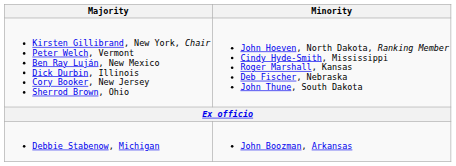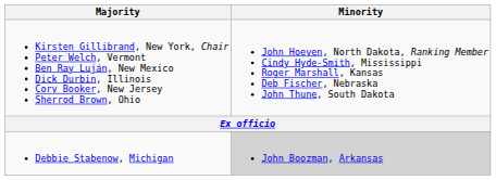 <table class=wikitable>
 <tr>
 <th>Majority</th>
 <th>Minority</th>
 </tr>
 <tr>
 <td><br><ul><li><a href='#'>Kirsten Gillibrand</a>, New York, <em>Chair</em></li><li><a href='#'>Peter Welch</a>, Vermont</li><li><a href='#'>Ben Ray Luján</a>, New Mexico</li><li><a href='#'>Dick Durbin</a>, Illinois</li><li><a href='#'>Cory Booker</a>, New Jersey</li><li><a href='#'>Sherrod Brown</a>, Ohio</li></ul></td>
 <td><br><ul><li><a href='#'>John Hoeven</a>, North Dakota, <em>Ranking Member</em></li><li><a href='#'>Cindy Hyde-Smith</a>, Mississippi</li><li><a href='#'>Roger Marshall</a>, Kansas</li><li><a href='#'>Deb Fischer</a>, Nebraska</li><li><a href='#'>John Thune</a>, South Dakota</li></ul></td>
 </tr>
 <tr>
 <th colspan=2><em><a href='#'>Ex officio</a></em></th>
 </tr>
 <tr>
 <td><br><ul><li><a href='#'>Debbie Stabenow</a>, <a href='#'>Michigan</a></li></ul></td>
-<td><br><ul><li><a href='#'>John Boozman</a>, <a href='#'>Arkansas</a></li></ul></td>
+<td style="background: lightgrey;"><br><ul><li><a href='#'>John Boozman</a>, <a href='#'>Arkansas</a></li></ul></td>
 </tr>
 </table>
